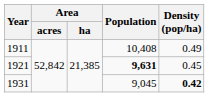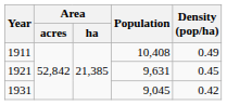 <table class="wikitable">
 <tr>
 <th rowspan="2">Year</th>
 <th colspan="2">Area</th>
 <th rowspan="2">Population<br></th>
 <th rowspan="2">Density<br>(pop/ha)</th>
 </tr>
 <tr>
 <th>acres</th>
 <th>ha</th>
 </tr>
 <tr>
 <td>1911</td>
 <td style="text-align:right;" rowspan="3">52,842</td>
 <td style="text-align:right;" rowspan="3">21,385</td>
 <td style="text-align:right;">10,408</td>
 <td style="text-align:right;">0.49</td>
 </tr>
 <tr>
 <td>1921</td>
-<td style="text-align:right;"><strong>9,631</strong></td>
+<td style="text-align:right;">9,631</td>
 <td style="text-align:right;">0.45</td>
 </tr>
 <tr>
 <td>1931</td>
 <td style="text-align:right;">9,045</td>
-<td style="text-align:right;"><strong>0.42</strong></td>
+<td style="text-align:right;">0.42</td>
 </tr>
 </table>
